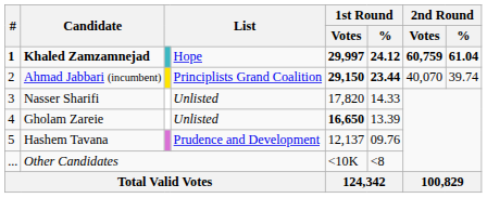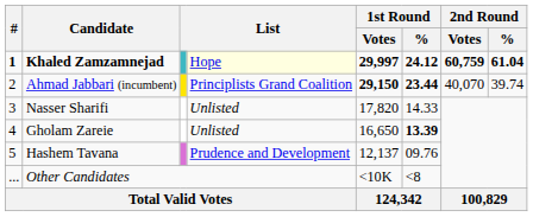 <table class="wikitable">
 <tr>
 <th rowspan="2">#</th>
 <th rowspan="2">Candidate</th>
 <th rowspan="2" colspan="2">List</th>
 <th colspan="2">1st Round</th>
 <th colspan="2">2nd Round</th>
 </tr>
 <tr>
 <th>Votes</th>
 <th>%</th>
 <th>Votes</th>
 <th>%</th>
 </tr>
 <tr>
 <td><strong>1</strong></td>
 <td><strong>Khaled Zamzamnejad</strong></td>
 <td style="background:#3cb8c2"></td>
-<td><a href='#'>Hope</a></td>
+<td style="background: lightyellow;"><a href='#'>Hope</a></td>
 <td><strong>29,997</strong></td>
 <td><strong>24.12</strong></td>
 <td><strong>60,759</strong></td>
 <td><strong>61.04</strong></td>
 </tr>
 <tr>
 <td>2</td>
 <td><a href='#'>Ahmad Jabbari</a> <small>(incumbent)</small></td>
 <td style="background:#ffe500"></td>
 <td><a href='#'>Principlists Grand Coalition</a></td>
 <td><strong>29,150</strong></td>
 <td><strong>23.44</strong></td>
 <td>40,070</td>
 <td>39.74</td>
 </tr>
 <tr>
 <td>3</td>
 <td>Nasser Sharifi</td>
 <td style="background:#FFFFFF"></td>
 <td><em>Unlisted</em></td>
 <td>17,820</td>
 <td>14.33</td>
 <td rowspan="4" colspan="2"></td>
 </tr>
 <tr>
 <td>4</td>
 <td>Gholam Zareie</td>
 <td style="background:#FFFFFF"></td>
 <td><em>Unlisted</em></td>
-<td><strong>16,650</strong></td>
-<td>13.39</td>
+<td>16,650</td>
+<td><strong>13.39</strong></td>
 </tr>
 <tr>
 <td>5</td>
 <td>Hashem Tavana</td>
 <td style="background:#DA70D6"></td>
 <td><a href='#'>Prudence and Development</a></td>
 <td>12,137</td>
 <td>09.76</td>
 </tr>
 <tr>
 <td>...</td>
 <td colspan="3"><em>Other Candidates</em></td>
 <td><10K</td>
 <td><8</td>
 </tr>
 <tr>
 <th colspan="4">Total Valid Votes</th>
 <th colspan="2">124,342</th>
 <th colspan="2">100,829</th>
 </tr>
 </table>
